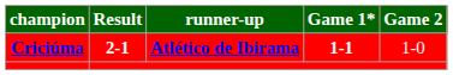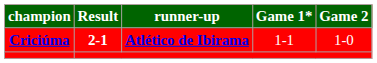 <table class="wikitable" style="text-align:center; color:white; background:#ff0000">
 <tr>
 <th style="background:#006400">champion</th>
 <th style="background:#006400">Result</th>
 <th style="background:#006400">runner-up</th>
 <th style="background:#006400">Game 1*</th>
 <th style="background:#006400">Game 2</th>
 </tr>
 <tr>
 <td><strong><a href='#'><span>Criciúma</span></a></strong></td>
 <td><strong>2-1</strong></td>
 <td><strong><a href='#'><span>Atlético de Ibirama</span></a></strong></td>
-<td><strong>1-1</strong></td>
+<td>1-1</td>
 <td>1-0</td>
 </tr>
 <tr>
 <td></td>
 </tr>
 </table>
